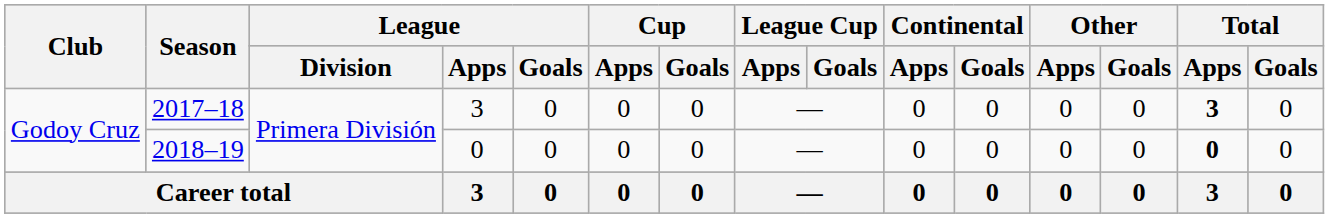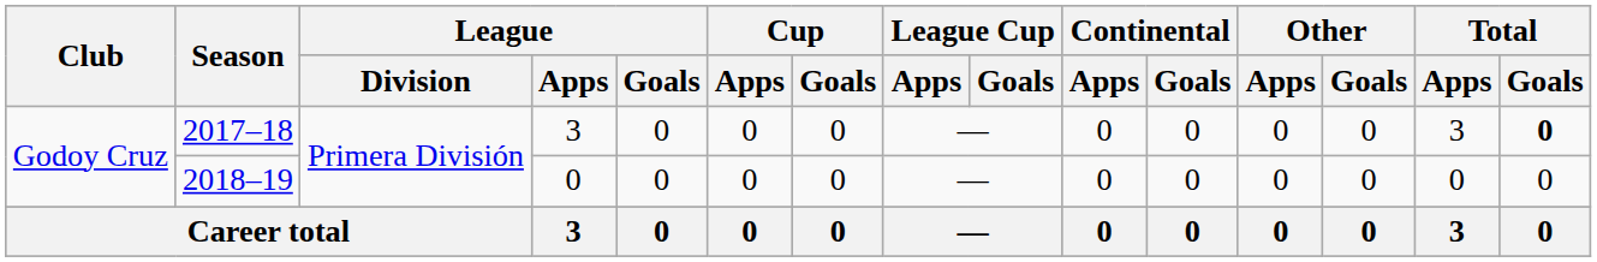 <table class="wikitable" style="text-align:center">
 <tr>
 <th rowspan="2">Club</th>
 <th rowspan="2">Season</th>
 <th colspan="3">League</th>
 <th colspan="2">Cup</th>
 <th colspan="2">League Cup</th>
 <th colspan="2">Continental</th>
 <th colspan="2">Other</th>
 <th colspan="2">Total</th>
 </tr>
 <tr>
 <th>Division</th>
 <th>Apps</th>
 <th>Goals</th>
 <th>Apps</th>
 <th>Goals</th>
 <th>Apps</th>
 <th>Goals</th>
 <th>Apps</th>
 <th>Goals</th>
 <th>Apps</th>
 <th>Goals</th>
 <th>Apps</th>
 <th>Goals</th>
 </tr>
 <tr>
 <td rowspan="2"><a href='#'>Godoy Cruz</a></td>
 <td><a href='#'>2017–18</a></td>
 <td rowspan="2"><a href='#'>Primera División</a></td>
 <td>3</td>
 <td>0</td>
 <td>0</td>
 <td>0</td>
 <td colspan="2">—</td>
 <td>0</td>
 <td>0</td>
 <td>0</td>
 <td>0</td>
-<td><strong>3</strong></td>
-<td>0</td>
+<td>3</td>
+<td><strong>0</strong></td>
 </tr>
 <tr>
 <td><a href='#'>2018–19</a></td>
 <td>0</td>
 <td>0</td>
 <td>0</td>
 <td>0</td>
 <td colspan="2">—</td>
 <td>0</td>
 <td>0</td>
 <td>0</td>
 <td>0</td>
-<td><strong>0</strong></td>
+<td>0</td>
 <td>0</td>
 </tr>
 <tr>
 <th colspan="3">Career total</th>
 <th>3</th>
 <th>0</th>
 <th>0</th>
 <th>0</th>
 <th colspan="2">—</th>
 <th>0</th>
 <th>0</th>
 <th>0</th>
 <th>0</th>
 <th>3</th>
 <th>0</th>
 </tr>
 </table>
